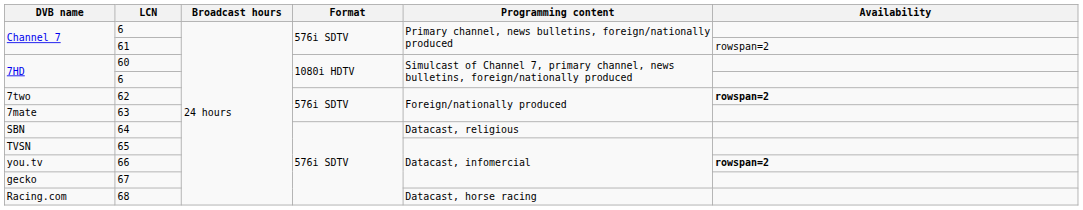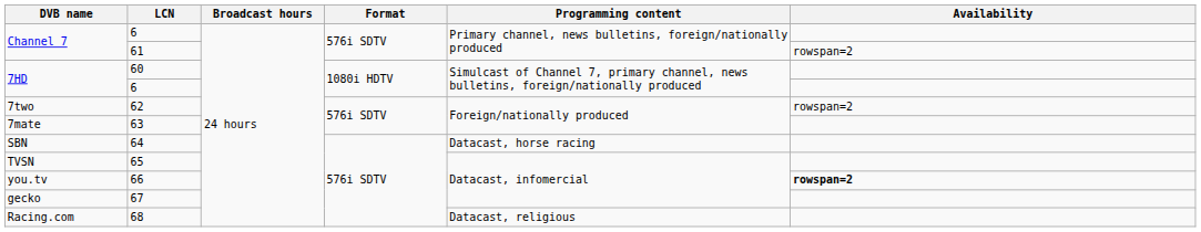 <table class="wikitable" style="font-size:90%; width:100%;">
 <tr>
 <th width="10%">DVB name</th>
 <th width="6%">LCN</th>
 <th width="10%">Broadcast hours</th>
 <th width="10%">Format</th>
 <th width="28%">Programming content</th>
 <th width="33%">Availability</th>
 </tr>
 <tr>
 <td rowspan=2><a href='#'>Channel 7</a></td>
 <td>6</td>
 <td rowspan=11>24 hours</td>
 <td rowspan=2>576i SDTV</td>
 <td rowspan=2>Primary channel, news bulletins, foreign/nationally produced </td>
 <td></td>
 </tr>
 <tr>
 <td>61</td>
 <td>rowspan=2 </td>
 </tr>
 <tr>
 <td rowspan=2><a href='#'>7HD</a></td>
 <td>60</td>
 <td rowspan=2>1080i HDTV<br></td>
 <td rowspan=2>Simulcast of Channel 7, primary channel, news bulletins, foreign/nationally produced </td>
 </tr>
 <tr>
 <td>6</td>
 <td></td>
 </tr>
 <tr>
 <td>7two</td>
 <td>62</td>
 <td rowspan=2>576i SDTV<br></td>
 <td rowspan=2>Foreign/nationally produced </td>
-<td><strong>rowspan=2 </strong></td>
+<td>rowspan=2 </td>
 </tr>
 <tr>
 <td>7mate</td>
 <td>63</td>
 </tr>
 <tr>
 <td>SBN</td>
 <td>64</td>
 <td rowspan=5>576i SDTV<br></td>
-<td>Datacast, religious </td>
+<td>Datacast, horse racing </td>
 <td></td>
 </tr>
 <tr>
 <td>TVSN</td>
 <td>65</td>
 <td rowspan=3>Datacast, infomercial </td>
 <td></td>
 </tr>
 <tr>
 <td>you.tv</td>
 <td>66</td>
 <td><strong>rowspan=2 </strong></td>
 </tr>
 <tr>
 <td>gecko</td>
 <td>67</td>
 </tr>
 <tr>
 <td>Racing.com</td>
 <td>68</td>
-<td>Datacast, horse racing </td>
+<td>Datacast, religious </td>
 <td></td>
 </tr>
 </table>
